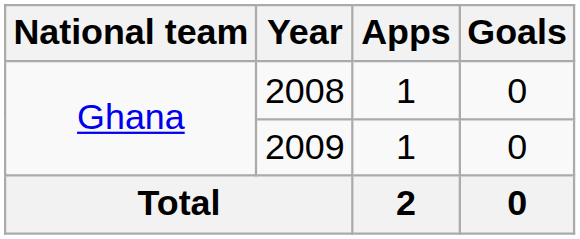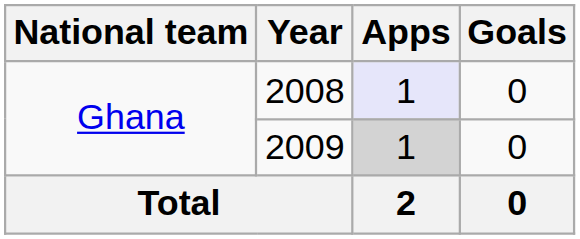 <table class="wikitable" style="text-align: center">
 <tr>
 <th>National team</th>
 <th>Year</th>
 <th>Apps</th>
 <th>Goals</th>
 </tr>
 <tr>
 <td rowspan="2"><a href='#'>Ghana</a></td>
 <td>2008</td>
-<td>1</td>
+<td style="background: lavender;">1</td>
 <td>0</td>
 </tr>
 <tr>
 <td>2009</td>
-<td>1</td>
+<td style="background: lightgrey;">1</td>
 <td>0</td>
 </tr>
 <tr>
 <th colspan="2">Total</th>
 <th>2</th>
 <th>0</th>
 </tr>
 </table>
